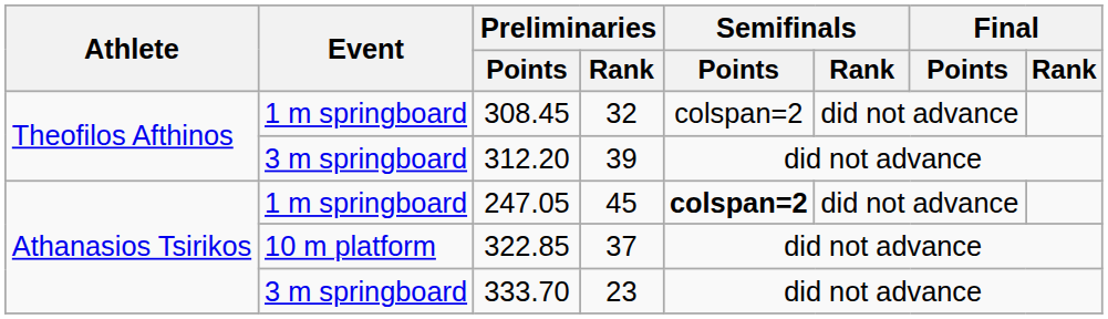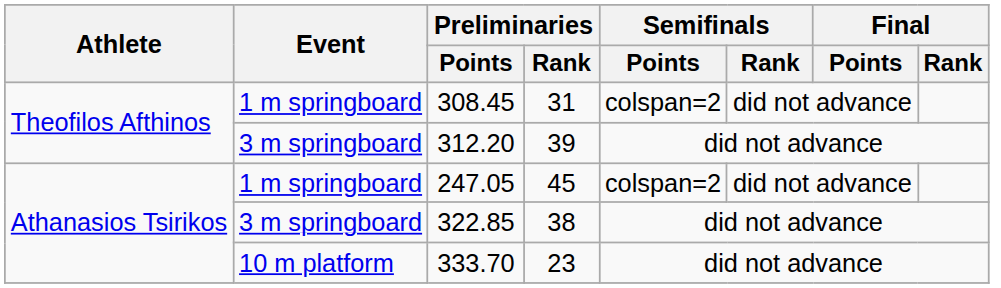 <table class="wikitable" style="text-align:center; font-size:90%">
 <tr>
 <th rowspan="2">Athlete</th>
 <th rowspan="2">Event</th>
 <th colspan="2">Preliminaries</th>
 <th colspan="2">Semifinals</th>
 <th colspan="2">Final</th>
 </tr>
 <tr style="font-size:95%">
 <th>Points</th>
 <th>Rank</th>
 <th>Points</th>
 <th>Rank</th>
 <th>Points</th>
 <th>Rank</th>
 </tr>
 <tr>
 <td align=left rowspan=2><a href='#'>Theofilos Afthinos</a></td>
 <td align=left><a href='#'>1 m springboard</a></td>
 <td>308.45</td>
-<td>32</td>
+<td>31</td>
 <td>colspan=2 </td>
 <td colspan=2>did not advance</td>
 </tr>
 <tr>
 <td align=left><a href='#'>3 m springboard</a></td>
 <td>312.20</td>
 <td>39</td>
 <td colspan=4>did not advance</td>
 </tr>
 <tr>
 <td align=left rowspan=3><a href='#'>Athanasios Tsirikos</a></td>
 <td align=left><a href='#'>1 m springboard</a></td>
 <td>247.05</td>
 <td>45</td>
-<td><strong>colspan=2 </strong></td>
+<td>colspan=2 </td>
 <td colspan=2>did not advance</td>
 </tr>
 <tr>
-<td align=left><a href='#'>10 m platform</a></td>
+<td align=left><a href='#'>3 m springboard</a></td>
 <td>322.85</td>
-<td>37</td>
+<td>38</td>
 <td colspan=4>did not advance</td>
 </tr>
 <tr>
-<td align=left><a href='#'>3 m springboard</a></td>
+<td align=left><a href='#'>10 m platform</a></td>
 <td>333.70</td>
 <td>23</td>
 <td colspan=4>did not advance</td>
 </tr>
 </table>
